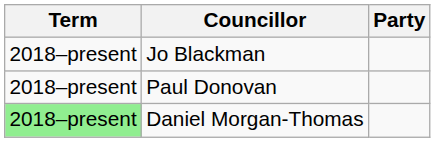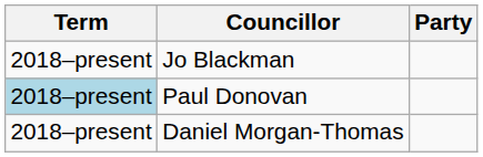 <table class="wikitable">
 <tr>
 <th>Term</th>
 <th>Councillor</th>
 <th colspan=2>Party</th>
 </tr>
 <tr>
 <td>2018–present</td>
 <td>Jo Blackman</td>
 <td></td>
 </tr>
 <tr>
-<td>2018–present</td>
+<td style="background: lightblue;">2018–present</td>
 <td>Paul Donovan</td>
 <td></td>
 </tr>
 <tr>
-<td style="background: lightgreen;">2018–present</td>
+<td>2018–present</td>
 <td>Daniel Morgan-Thomas</td>
 <td></td>
 </tr>
 </table>
